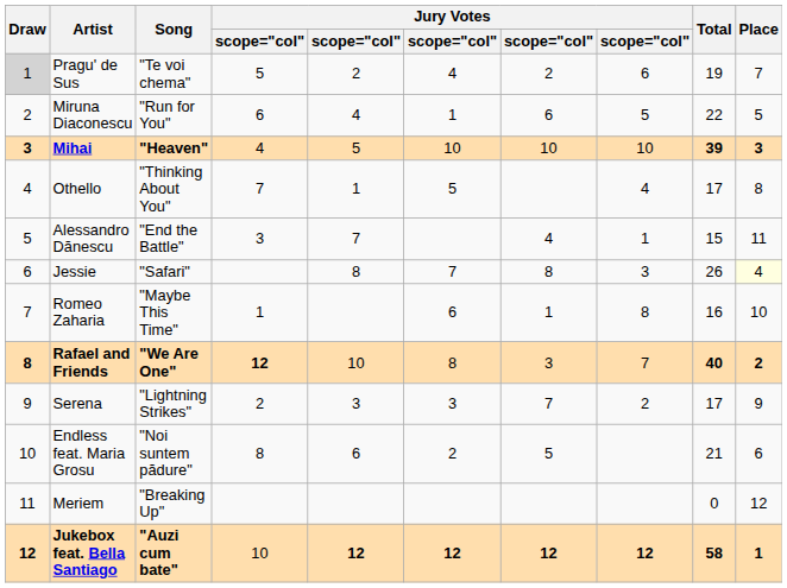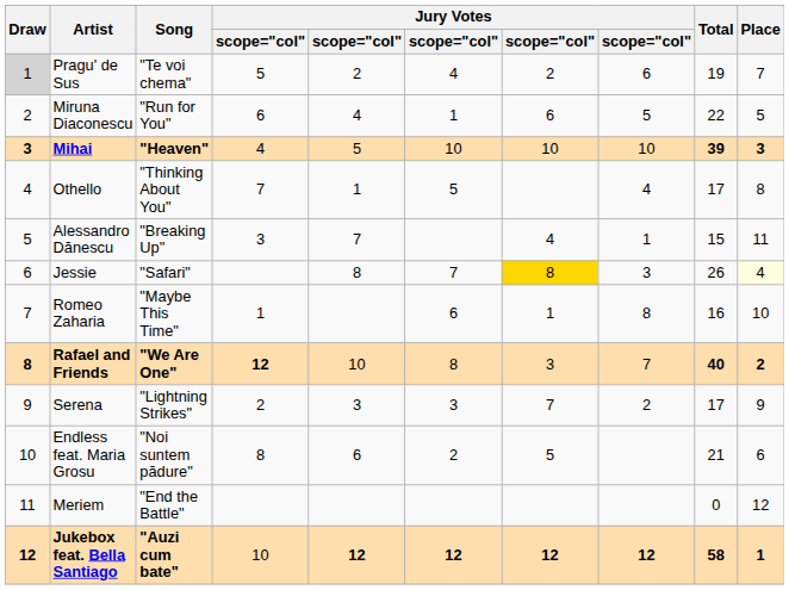 <table class="sortable wikitable" style="margin: 1em auto 1em auto; text-align:center;">
 <tr>
 <th rowspan="2">Draw</th>
 <th rowspan="2">Artist</th>
 <th rowspan="2">Song</th>
 <th colspan="5">Jury Votes</th>
 <th rowspan="2">Total</th>
 <th rowspan="2">Place</th>
 </tr>
 <tr>
 <th>scope="col" </th>
 <th>scope="col" </th>
 <th>scope="col" </th>
 <th>scope="col" </th>
 <th>scope="col" </th>
 </tr>
 <tr>
 <td style="background: lightgrey;">1</td>
 <td align="left">Pragu' de Sus</td>
 <td align="left">"Te voi chema"</td>
 <td>5</td>
 <td>2</td>
 <td>4</td>
 <td>2</td>
 <td>6</td>
 <td>19</td>
 <td>7</td>
 </tr>
 <tr>
 <td>2</td>
 <td align="left">Miruna Diaconescu</td>
 <td align="left">"Run for You"</td>
 <td>6</td>
 <td>4</td>
 <td>1</td>
 <td>6</td>
 <td>5</td>
 <td>22</td>
 <td>5</td>
 </tr>
 <tr style="background:navajowhite;">
 <td><strong>3</strong></td>
 <td align="left"><strong><a href='#'>Mihai</a></strong></td>
 <td align="left"><strong>"Heaven"</strong></td>
 <td>4</td>
 <td>5</td>
 <td>10</td>
 <td>10</td>
 <td>10</td>
 <td><strong>39</strong></td>
 <td><strong>3</strong></td>
 </tr>
 <tr>
 <td>4</td>
 <td align="left">Othello</td>
 <td align="left">"Thinking About You"</td>
 <td>7</td>
 <td>1</td>
 <td>5</td>
 <td></td>
 <td>4</td>
 <td>17</td>
 <td>8</td>
 </tr>
 <tr>
 <td>5</td>
 <td align="left">Alessandro Dănescu</td>
-<td align="left">"End the Battle"</td>
+<td align="left">"Breaking Up"</td>
 <td>3</td>
 <td>7</td>
 <td></td>
 <td>4</td>
 <td>1</td>
 <td>15</td>
 <td>11</td>
 </tr>
 <tr>
 <td>6</td>
 <td align="left">Jessie</td>
 <td align="left">"Safari"</td>
 <td></td>
 <td>8</td>
 <td>7</td>
-<td>8</td>
+<td style="background: gold;">8</td>
 <td>3</td>
 <td>26</td>
 <td style="background: lightyellow;">4</td>
 </tr>
 <tr>
 <td>7</td>
 <td align="left">Romeo Zaharia</td>
 <td align="left">"Maybe This Time"</td>
 <td>1</td>
 <td></td>
 <td>6</td>
 <td>1</td>
 <td>8</td>
 <td>16</td>
 <td>10</td>
 </tr>
 <tr style="background:navajowhite;">
 <td><strong>8</strong></td>
 <td align="left"><strong>Rafael and Friends</strong></td>
 <td align="left"><strong>"We Are One"</strong></td>
 <td><strong>12</strong></td>
 <td>10</td>
 <td>8</td>
 <td>3</td>
 <td>7</td>
 <td><strong>40</strong></td>
 <td><strong>2</strong></td>
 </tr>
 <tr>
 <td>9</td>
 <td align="left">Serena</td>
 <td align="left">"Lightning Strikes"</td>
 <td>2</td>
 <td>3</td>
 <td>3</td>
 <td>7</td>
 <td>2</td>
 <td>17</td>
 <td>9</td>
 </tr>
 <tr>
 <td>10</td>
 <td align="left">Endless feat. Maria Grosu</td>
 <td align="left">"Noi suntem pădure"</td>
 <td>8</td>
 <td>6</td>
 <td>2</td>
 <td>5</td>
 <td></td>
 <td>21</td>
 <td>6</td>
 </tr>
 <tr>
 <td>11</td>
 <td align="left">Meriem</td>
-<td align="left">"Breaking Up"</td>
+<td align="left">"End the Battle"</td>
 <td></td>
 <td></td>
 <td></td>
 <td></td>
 <td></td>
 <td>0</td>
 <td>12</td>
 </tr>
 <tr style="background:navajowhite;">
 <td><strong>12</strong></td>
 <td align="left"><strong>Jukebox feat. <a href='#'>Bella Santiago</a></strong></td>
 <td align="left"><strong>"Auzi cum bate"</strong></td>
 <td>10</td>
 <td><strong>12</strong></td>
 <td><strong>12</strong></td>
 <td><strong>12</strong></td>
 <td><strong>12</strong></td>
 <td><strong>58</strong></td>
 <td><strong>1</strong></td>
 </tr>
 </table>
